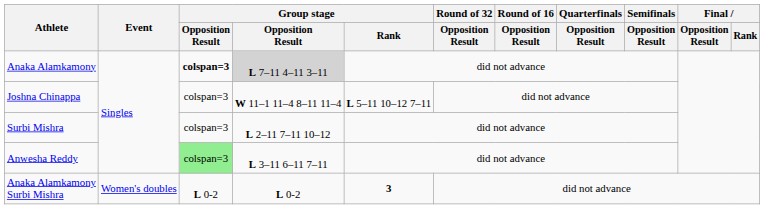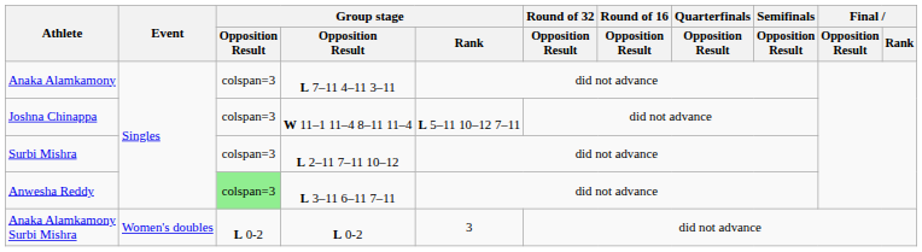 <table class="wikitable" style="font-size:90%">
 <tr>
 <th rowspan="2">Athlete</th>
 <th rowspan="2">Event</th>
 <th colspan=3>Group stage</th>
 <th>Round of 32</th>
 <th>Round of 16</th>
 <th>Quarterfinals</th>
 <th>Semifinals</th>
 <th colspan=2>Final / </th>
 </tr>
 <tr style="font-size:95%">
 <th>Opposition<br>Result</th>
 <th>Opposition<br>Result</th>
 <th>Rank</th>
 <th>Opposition<br>Result</th>
 <th>Opposition<br>Result</th>
 <th>Opposition<br>Result</th>
 <th>Opposition<br>Result</th>
 <th>Opposition<br>Result</th>
 <th>Rank</th>
 </tr>
 <tr align=center>
 <td align=left><a href='#'>Anaka Alamkamony</a></td>
 <td align=left rowspan=4><a href='#'>Singles</a></td>
-<td><strong>colspan=3 </strong></td>
-<td style="background: lightgrey;"><br><strong>L</strong> 7–11 4–11 3–11</td>
+<td>colspan=3 </td>
+<td><br><strong>L</strong> 7–11 4–11 3–11</td>
 <td colspan=5>did not advance</td>
 </tr>
 <tr align=center>
 <td align=left><a href='#'>Joshna Chinappa</a></td>
 <td>colspan=3 </td>
 <td><br><strong>W</strong> 11–1 11–4 8–11 11–4</td>
 <td><br><strong>L</strong> 5–11 10–12 7–11</td>
 <td colspan=4>did not advance</td>
 </tr>
 <tr align=center>
 <td align=left><a href='#'>Surbi Mishra</a></td>
 <td>colspan=3 </td>
 <td><br><strong>L</strong> 2–11 7–11 10–12</td>
 <td colspan=5>did not advance</td>
 </tr>
 <tr align=center>
 <td align=left><a href='#'>Anwesha Reddy</a></td>
 <td style="background: lightgreen;">colspan=3 </td>
 <td><br><strong>L</strong> 3–11 6–11 7–11</td>
 <td colspan=5>did not advance</td>
 </tr>
 <tr align=center>
 <td align=left><a href='#'>Anaka Alamkamony</a><br><a href='#'>Surbi Mishra</a></td>
 <td align=left><a href='#'>Women's doubles</a></td>
 <td><br><strong>L</strong> 0-2</td>
 <td><br><strong>L</strong> 0-2</td>
-<td><strong>3</strong></td>
+<td>3</td>
 <td colspan=6>did not advance</td>
 </tr>
 </table>
